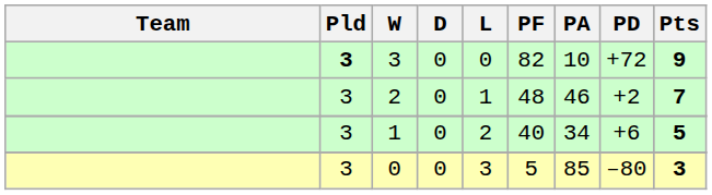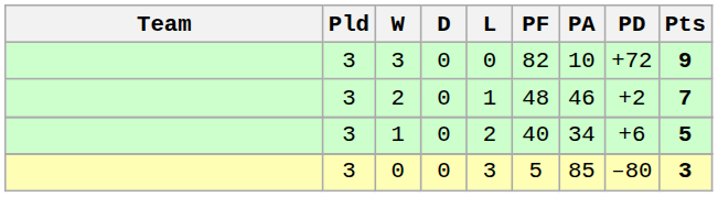 <table class="wikitable" style="text-align:center;">
 <tr>
 <th width=175>Team</th>
 <th width=20 abbr="Played">Pld</th>
 <th width=20 abbr="Won">W</th>
 <th width=20 abbr="Drawn">D</th>
 <th width=20 abbr="Lost">L</th>
 <th width=20 abbr="Points for">PF</th>
 <th width=20 abbr="Points against">PA</th>
 <th width=25 abbr="Points difference">PD</th>
 <th width=20 abbr="Points">Pts</th>
 </tr>
 <tr style="background:#ccffcc">
 <td align=left></td>
-<td><strong>3</strong></td>
+<td>3</td>
 <td>3</td>
 <td>0</td>
 <td>0</td>
 <td>82</td>
 <td>10</td>
 <td>+72</td>
 <td><strong>9</strong></td>
 </tr>
 <tr style="background:#ccffcc">
 <td align=left></td>
 <td>3</td>
 <td>2</td>
 <td>0</td>
 <td>1</td>
 <td>48</td>
 <td>46</td>
 <td>+2</td>
 <td><strong>7</strong></td>
 </tr>
 <tr>
 </tr>
 <tr style="background:#ccffcc">
 <td align=left></td>
 <td>3</td>
 <td>1</td>
 <td>0</td>
 <td>2</td>
 <td>40</td>
 <td>34</td>
 <td>+6</td>
 <td><strong>5</strong></td>
 </tr>
 <tr>
 </tr>
 <tr style="background:#feffb4">
 <td align=left></td>
 <td>3</td>
 <td>0</td>
 <td>0</td>
 <td>3</td>
 <td>5</td>
 <td>85</td>
 <td>–80</td>
 <td><strong>3</strong></td>
 </tr>
 </table>
